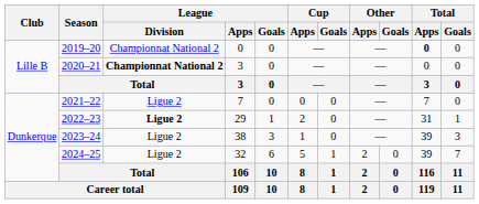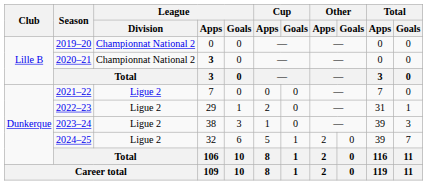 <table class="wikitable" style="text-align:center">
 <tr>
 <th rowspan="2">Club</th>
 <th rowspan="2">Season</th>
 <th colspan="3">League</th>
 <th colspan="2">Cup</th>
 <th colspan="2">Other</th>
 <th colspan="2">Total</th>
 </tr>
 <tr>
 <th>Division</th>
 <th>Apps</th>
 <th>Goals</th>
 <th>Apps</th>
 <th>Goals</th>
 <th>Apps</th>
 <th>Goals</th>
 <th>Apps</th>
 <th>Goals</th>
 </tr>
 <tr>
 <td align=center valign=center rowspan=3><a href='#'>Lille B</a></td>
 <td><a href='#'>2019–20</a></td>
 <td><a href='#'>Championnat National 2</a></td>
 <td>0</td>
 <td>0</td>
 <td colspan="2">—</td>
 <td colspan="2">—</td>
-<td><strong>0</strong></td>
+<td>0</td>
 <td>0</td>
 </tr>
 <tr>
 <td><a href='#'>2020–21</a></td>
-<td><strong>Championnat National 2</strong></td>
-<td>3</td>
+<td>Championnat National 2</td>
+<td><strong>3</strong></td>
 <td>0</td>
 <td colspan="2">—</td>
 <td colspan="2">—</td>
 <td>0</td>
 <td>0</td>
 </tr>
 <tr>
 <th colspan=2>Total</th>
 <th>3</th>
 <th>0</th>
 <th colspan="2">—</th>
 <th colspan="2">—</th>
 <th>3</th>
 <th>0</th>
 </tr>
 <tr>
 <td rowspan=5 align=center valign=center><a href='#'>Dunkerque</a></td>
 <td><a href='#'>2021–22</a></td>
 <td><a href='#'>Ligue 2</a></td>
 <td>7</td>
 <td>0</td>
 <td>0</td>
 <td>0</td>
 <td colspan="2">—</td>
 <td>7</td>
 <td>0</td>
 </tr>
 <tr>
 <td><a href='#'>2022–23</a></td>
-<td><strong>Ligue 2</strong></td>
+<td>Ligue 2</td>
 <td>29</td>
 <td>1</td>
 <td>2</td>
 <td>0</td>
 <td colspan="2">—</td>
 <td>31</td>
 <td>1</td>
 </tr>
 <tr>
 <td><a href='#'>2023–24</a></td>
 <td>Ligue 2</td>
 <td>38</td>
 <td>3</td>
 <td>1</td>
 <td>0</td>
 <td colspan="2">—</td>
 <td>39</td>
 <td>3</td>
 </tr>
 <tr>
 <td><a href='#'>2024–25</a></td>
 <td>Ligue 2</td>
 <td>32</td>
 <td>6</td>
 <td>5</td>
 <td>1</td>
 <td>2</td>
 <td>0</td>
 <td>39</td>
 <td>7</td>
 </tr>
 <tr>
 <th colspan=2>Total</th>
 <th>106</th>
 <th>10</th>
 <th>8</th>
 <th>1</th>
 <th>2</th>
 <th>0</th>
 <th>116</th>
 <th>11</th>
 </tr>
 <tr>
 <th colspan=3>Career total</th>
 <th>109</th>
 <th>10</th>
 <th>8</th>
 <th>1</th>
 <th>2</th>
 <th>0</th>
 <th>119</th>
 <th>11</th>
 </tr>
 </table>
